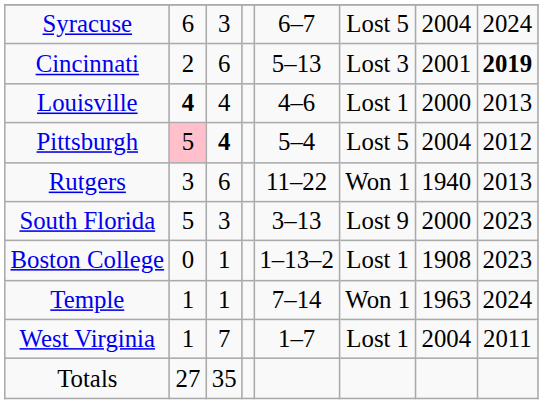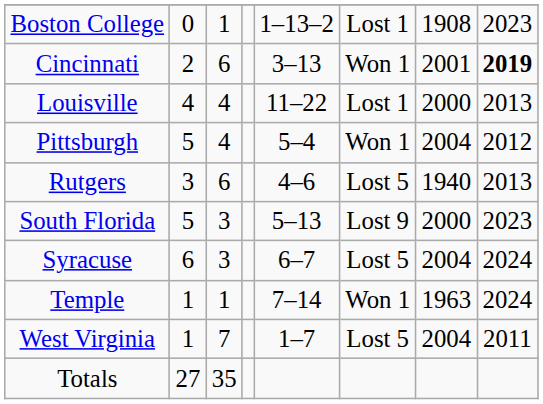 <table class="wikitable">
 <tr>
 </tr>
 <tr>
+</tr>
+<tr style="text-align:center;" 2004–2012>
+<td><a href='#'>Boston College</a></td>
+<td>0</td>
+<td>1</td>
+<td></td>
+<td>1–13–2</td>
+<td>Lost 1</td>
+<td>1908</td>
+<td>2023</td>
+</tr>
+<tr style="text-align:center;">
+<td><a href='#'>Cincinnati</a></td>
+<td>2</td>
+<td>6</td>
+<td></td>
+<td>3–13</td>
+<td>Won 1</td>
+<td>2001</td>
+<td><strong>2019</strong></td>
+</tr>
+<tr style="text-align:center;">
+<td><a href='#'>Louisville</a></td>
+<td>4</td>
+<td>4</td>
+<td></td>
+<td>11–22</td>
+<td>Lost 1</td>
+<td>2000</td>
+<td>2013</td>
+</tr>
+<tr style="text-align:center;">
+<td><a href='#'>Pittsburgh</a></td>
+<td>5</td>
+<td>4</td>
+<td></td>
+<td>5–4</td>
+<td>Won 1</td>
+<td>2004</td>
+<td>2012</td>
+</tr>
+<tr style="text-align:center;">
+<td><a href='#'>Rutgers</a></td>
+<td>3</td>
+<td>6</td>
+<td></td>
+<td>4–6</td>
+<td>Lost 5</td>
+<td>1940</td>
+<td>2013</td>
+</tr>
+<tr style="text-align:center;">
+<td><a href='#'>South Florida</a></td>
+<td>5</td>
+<td>3</td>
+<td></td>
+<td>5–13</td>
+<td>Lost 9</td>
+<td>2000</td>
+<td>2023</td>
 </tr>
 <tr style="text-align:center;">
 <td><a href='#'>Syracuse</a></td>
 <td>6</td>
 <td>3</td>
 <td></td>
 <td>6–7</td>
 <td>Lost 5</td>
 <td>2004</td>
 <td>2024</td>
-</tr>
-<tr style="text-align:center;">
-<td><a href='#'>Cincinnati</a></td>
-<td>2</td>
-<td>6</td>
-<td></td>
-<td>5–13</td>
-<td>Lost 3</td>
-<td>2001</td>
-<td><strong>2019</strong></td>
-</tr>
-<tr style="text-align:center;">
-<td><a href='#'>Louisville</a></td>
-<td><strong>4</strong></td>
-<td>4</td>
-<td></td>
-<td>4–6</td>
-<td>Lost 1</td>
-<td>2000</td>
-<td>2013</td>
-</tr>
-<tr style="text-align:center;">
-<td><a href='#'>Pittsburgh</a></td>
-<td style="background: pink;">5</td>
-<td><strong>4</strong></td>
-<td></td>
-<td>5–4</td>
-<td>Lost 5</td>
-<td>2004</td>
-<td>2012</td>
-</tr>
-<tr style="text-align:center;">
-<td><a href='#'>Rutgers</a></td>
-<td>3</td>
-<td>6</td>
-<td></td>
-<td>11–22</td>
-<td>Won 1</td>
-<td>1940</td>
-<td>2013</td>
-</tr>
-<tr style="text-align:center;">
-<td><a href='#'>South Florida</a></td>
-<td>5</td>
-<td>3</td>
-<td></td>
-<td>3–13</td>
-<td>Lost 9</td>
-<td>2000</td>
-<td>2023</td>
-</tr>
-<tr style="text-align:center;" 2004–2012>
-<td><a href='#'>Boston College</a></td>
-<td>0</td>
-<td>1</td>
-<td></td>
-<td>1–13–2</td>
-<td>Lost 1</td>
-<td>1908</td>
-<td>2023</td>
 </tr>
 <tr style="text-align:center;">
 <td><a href='#'>Temple</a></td>
 <td>1</td>
 <td>1</td>
 <td></td>
 <td>7–14</td>
 <td>Won 1</td>
 <td>1963</td>
 <td>2024</td>
 </tr>
 <tr style="text-align:center;">
 <td><a href='#'>West Virginia</a></td>
 <td>1</td>
 <td>7</td>
 <td></td>
 <td>1–7</td>
-<td>Lost 1</td>
+<td>Lost 5</td>
 <td>2004</td>
 <td>2011</td>
 </tr>
 <tr style="text-align:center; ">
 <td colspan="1;">Totals</td>
 <td colspan="1;">27</td>
 <td colspan="1;">35</td>
 <td colspan="1;"></td>
 <td colspan="1;"></td>
 <td colspan="1;"></td>
 <td colspan="1;"></td>
 <td colspan="1;"></td>
 </tr>
 </table>
